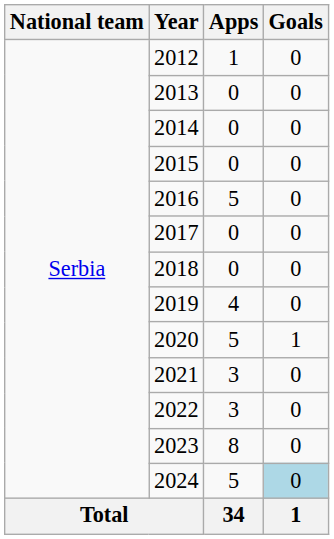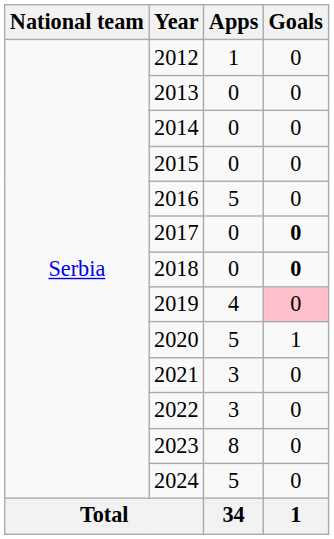 <table class="wikitable" style="text-align:center">
 <tr>
 <th>National team</th>
 <th>Year</th>
 <th>Apps</th>
 <th>Goals</th>
 </tr>
 <tr>
 <td rowspan="13"><a href='#'>Serbia</a></td>
 <td>2012</td>
 <td>1</td>
 <td>0</td>
 </tr>
 <tr>
 <td>2013</td>
 <td>0</td>
 <td>0</td>
 </tr>
 <tr>
 <td>2014</td>
 <td>0</td>
 <td>0</td>
 </tr>
 <tr>
 <td>2015</td>
 <td>0</td>
 <td>0</td>
 </tr>
 <tr>
 <td>2016</td>
 <td>5</td>
 <td>0</td>
 </tr>
 <tr>
 <td>2017</td>
 <td>0</td>
-<td>0</td>
+<td><strong>0</strong></td>
 </tr>
 <tr>
 <td>2018</td>
 <td>0</td>
-<td>0</td>
+<td><strong>0</strong></td>
 </tr>
 <tr>
 <td>2019</td>
 <td>4</td>
-<td>0</td>
+<td style="background: pink;">0</td>
 </tr>
 <tr>
 <td>2020</td>
 <td>5</td>
 <td>1</td>
 </tr>
 <tr>
 <td>2021</td>
 <td>3</td>
 <td>0</td>
 </tr>
 <tr>
 <td>2022</td>
 <td>3</td>
 <td>0</td>
 </tr>
 <tr>
 <td>2023</td>
 <td>8</td>
 <td>0</td>
 </tr>
 <tr>
 <td>2024</td>
 <td>5</td>
-<td style="background: lightblue;">0</td>
+<td>0</td>
 </tr>
 <tr>
 <th colspan="2">Total</th>
 <th>34</th>
 <th>1</th>
 </tr>
 </table>
